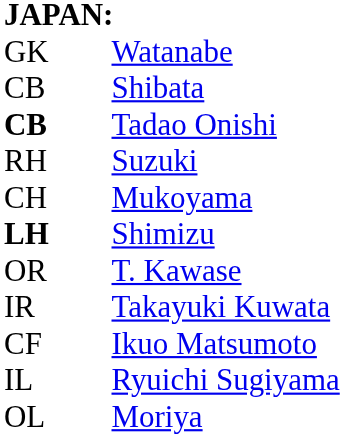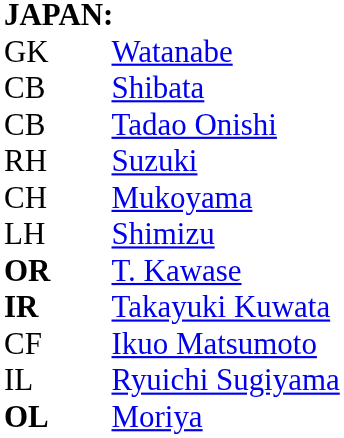 <table style="font-size: 90%" cellspacing="0" cellpadding="0">
 <tr>
 <td colspan="4"><strong>JAPAN:</strong></td>
 </tr>
 <tr>
 <th width="25"></th>
 <th width="25"></th>
 </tr>
 <tr>
 <td>GK</td>
 <td><strong></strong></td>
 <td><a href='#'>Watanabe</a></td>
 </tr>
 <tr>
 <td>CB</td>
 <td><strong></strong></td>
 <td><a href='#'>Shibata</a></td>
 </tr>
 <tr>
-<td><strong>CB</strong></td>
+<td>CB</td>
 <td><strong></strong></td>
 <td><a href='#'>Tadao Onishi</a></td>
 </tr>
 <tr>
 <td>RH</td>
 <td><strong></strong></td>
 <td><a href='#'>Suzuki</a></td>
 </tr>
 <tr>
 <td>CH</td>
 <td><strong></strong></td>
 <td><a href='#'>Mukoyama</a></td>
 </tr>
 <tr>
-<td><strong>LH</strong></td>
+<td>LH</td>
 <td><strong></strong></td>
 <td><a href='#'>Shimizu</a></td>
 </tr>
 <tr>
-<td>OR</td>
+<td><strong>OR</strong></td>
 <td><strong></strong></td>
 <td><a href='#'>T. Kawase</a></td>
 </tr>
 <tr>
-<td>IR</td>
+<td><strong>IR</strong></td>
 <td><strong></strong></td>
 <td><a href='#'>Takayuki Kuwata</a></td>
 </tr>
 <tr>
 <td>CF</td>
 <td><strong></strong></td>
 <td><a href='#'>Ikuo Matsumoto</a></td>
 </tr>
 <tr>
 <td>IL</td>
 <td><strong></strong></td>
 <td><a href='#'>Ryuichi Sugiyama</a></td>
 </tr>
 <tr>
-<td>OL</td>
+<td><strong>OL</strong></td>
 <td><strong></strong></td>
 <td><a href='#'>Moriya</a></td>
 </tr>
 <tr>
 </tr>
 </table>
